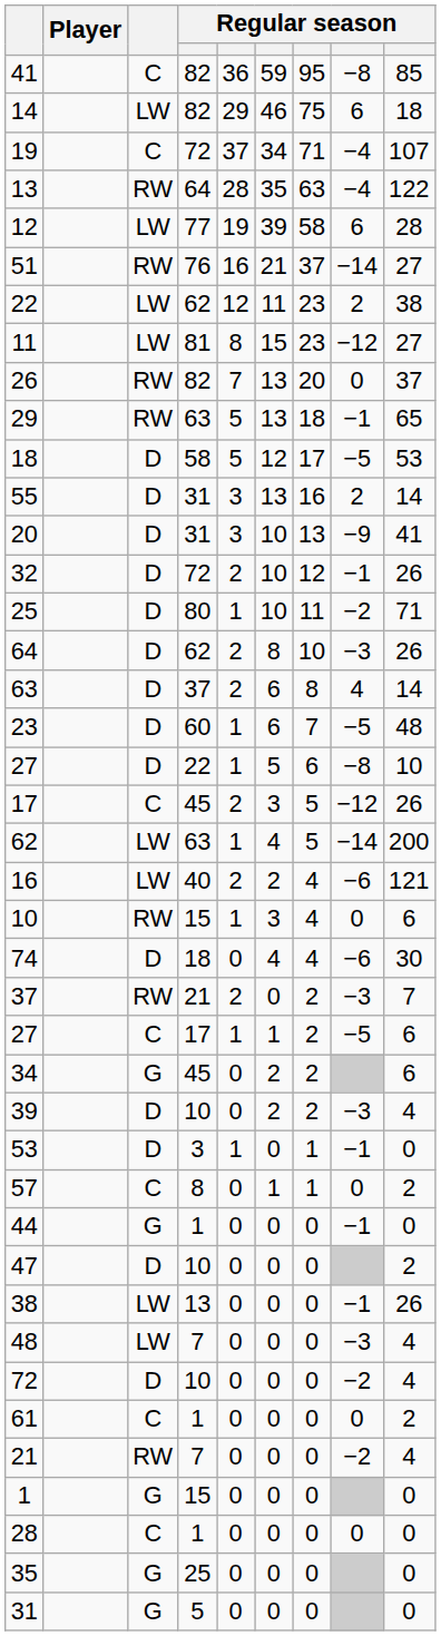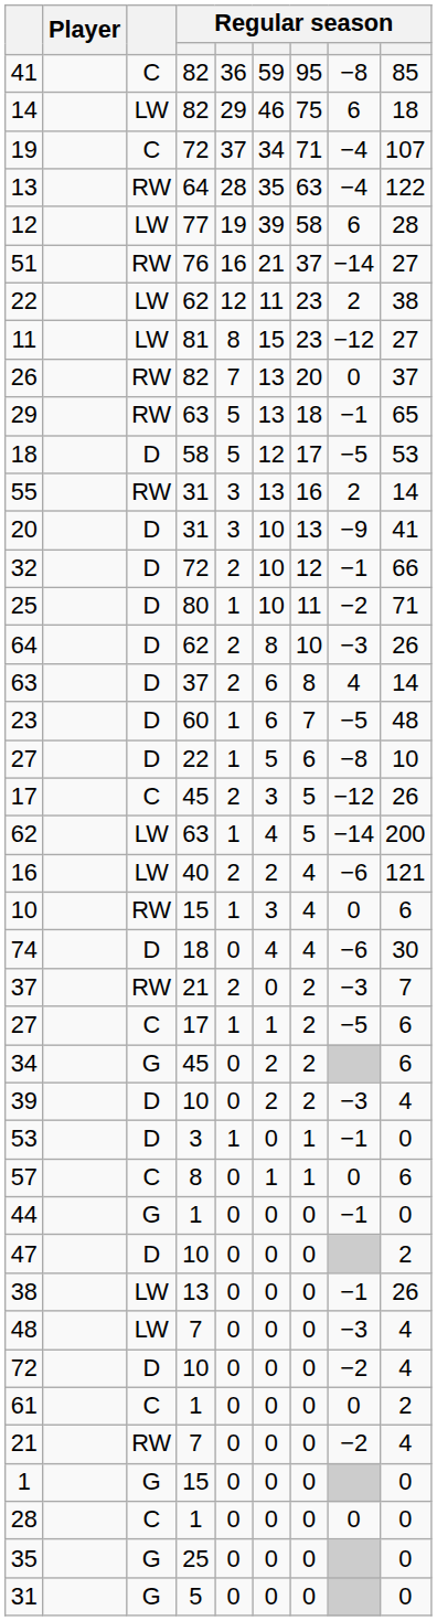 <table class="wikitable sortable plainrowheaders" style="text-align:center;">
 <tr>
 <th scope="col" data-sort-type="number" rowspan="2"></th>
 <th scope="col" rowspan="2">Player</th>
 <th scope="col" rowspan="2"></th>
 <th scope=colgroup colspan=6>Regular season</th>
 </tr>
 <tr>
 <th scope="col" data-sort-type="number"></th>
 <th scope="col" data-sort-type="number"></th>
 <th scope="col" data-sort-type="number"></th>
 <th scope="col" data-sort-type="number"></th>
 <th scope="col" data-sort-type="number"></th>
 <th scope="col" data-sort-type="number"></th>
 </tr>
 <tr>
 <td scope="row">41</td>
 <td align="left"></td>
 <td>C</td>
 <td>82</td>
 <td>36</td>
 <td>59</td>
 <td>95</td>
 <td>−8</td>
 <td>85</td>
 </tr>
 <tr>
 <td scope="row">14</td>
 <td align="left"></td>
 <td>LW</td>
 <td>82</td>
 <td>29</td>
 <td>46</td>
 <td>75</td>
 <td>6</td>
 <td>18</td>
 </tr>
 <tr>
 <td scope="row">19</td>
 <td align="left"></td>
 <td>C</td>
 <td>72</td>
 <td>37</td>
 <td>34</td>
 <td>71</td>
 <td>−4</td>
 <td>107</td>
 </tr>
 <tr>
 <td scope="row">13</td>
 <td align="left"></td>
 <td>RW</td>
 <td>64</td>
 <td>28</td>
 <td>35</td>
 <td>63</td>
 <td>−4</td>
 <td>122</td>
 </tr>
 <tr>
 <td scope="row">12</td>
 <td align="left"></td>
 <td>LW</td>
 <td>77</td>
 <td>19</td>
 <td>39</td>
 <td>58</td>
 <td>6</td>
 <td>28</td>
 </tr>
 <tr>
 <td scope="row">51</td>
 <td align="left"></td>
 <td>RW</td>
 <td>76</td>
 <td>16</td>
 <td>21</td>
 <td>37</td>
 <td>−14</td>
 <td>27</td>
 </tr>
 <tr>
 <td scope="row">22</td>
 <td align="left"></td>
 <td>LW</td>
 <td>62</td>
 <td>12</td>
 <td>11</td>
 <td>23</td>
 <td>2</td>
 <td>38</td>
 </tr>
 <tr>
 <td scope="row">11</td>
 <td align="left"></td>
 <td>LW</td>
 <td>81</td>
 <td>8</td>
 <td>15</td>
 <td>23</td>
 <td>−12</td>
 <td>27</td>
 </tr>
 <tr>
 <td scope="row">26</td>
 <td align="left"></td>
 <td>RW</td>
 <td>82</td>
 <td>7</td>
 <td>13</td>
 <td>20</td>
 <td>0</td>
 <td>37</td>
 </tr>
 <tr>
 <td scope="row">29</td>
 <td align="left"></td>
 <td>RW</td>
 <td>63</td>
 <td>5</td>
 <td>13</td>
 <td>18</td>
 <td>−1</td>
 <td>65</td>
 </tr>
 <tr>
 <td scope="row">18</td>
 <td align="left"></td>
 <td>D</td>
 <td>58</td>
 <td>5</td>
 <td>12</td>
 <td>17</td>
 <td>−5</td>
 <td>53</td>
 </tr>
 <tr>
 <td scope="row">55</td>
 <td align="left"></td>
-<td>D</td>
+<td>RW</td>
 <td>31</td>
 <td>3</td>
 <td>13</td>
 <td>16</td>
 <td>2</td>
 <td>14</td>
 </tr>
 <tr>
 <td scope="row">20</td>
 <td align="left"></td>
 <td>D</td>
 <td>31</td>
 <td>3</td>
 <td>10</td>
 <td>13</td>
 <td>−9</td>
 <td>41</td>
 </tr>
 <tr>
 <td scope="row">32</td>
 <td align="left"></td>
 <td>D</td>
 <td>72</td>
 <td>2</td>
 <td>10</td>
 <td>12</td>
 <td>−1</td>
-<td>26</td>
+<td>66</td>
 </tr>
 <tr>
 <td scope="row">25</td>
 <td align="left"></td>
 <td>D</td>
 <td>80</td>
 <td>1</td>
 <td>10</td>
 <td>11</td>
 <td>−2</td>
 <td>71</td>
 </tr>
 <tr>
 <td scope="row">64</td>
 <td align="left"></td>
 <td>D</td>
 <td>62</td>
 <td>2</td>
 <td>8</td>
 <td>10</td>
 <td>−3</td>
 <td>26</td>
 </tr>
 <tr>
 <td scope="row">63</td>
 <td align="left"></td>
 <td>D</td>
 <td>37</td>
 <td>2</td>
 <td>6</td>
 <td>8</td>
 <td>4</td>
 <td>14</td>
 </tr>
 <tr>
 <td scope="row">23</td>
 <td align="left"></td>
 <td>D</td>
 <td>60</td>
 <td>1</td>
 <td>6</td>
 <td>7</td>
 <td>−5</td>
 <td>48</td>
 </tr>
 <tr>
 <td scope="row">27</td>
 <td align="left"></td>
 <td>D</td>
 <td>22</td>
 <td>1</td>
 <td>5</td>
 <td>6</td>
 <td>−8</td>
 <td>10</td>
 </tr>
 <tr>
 <td scope="row">17</td>
 <td align="left"></td>
 <td>C</td>
 <td>45</td>
 <td>2</td>
 <td>3</td>
 <td>5</td>
 <td>−12</td>
 <td>26</td>
 </tr>
 <tr>
 <td scope="row">62</td>
 <td align="left"></td>
 <td>LW</td>
 <td>63</td>
 <td>1</td>
 <td>4</td>
 <td>5</td>
 <td>−14</td>
 <td>200</td>
 </tr>
 <tr>
 <td scope="row">16</td>
 <td align="left"></td>
 <td>LW</td>
 <td>40</td>
 <td>2</td>
 <td>2</td>
 <td>4</td>
 <td>−6</td>
 <td>121</td>
 </tr>
 <tr>
 <td scope="row">10</td>
 <td align="left"></td>
 <td>RW</td>
 <td>15</td>
 <td>1</td>
 <td>3</td>
 <td>4</td>
 <td>0</td>
 <td>6</td>
 </tr>
 <tr>
 <td scope="row">74</td>
 <td align="left"></td>
 <td>D</td>
 <td>18</td>
 <td>0</td>
 <td>4</td>
 <td>4</td>
 <td>−6</td>
 <td>30</td>
 </tr>
 <tr>
 <td scope="row">37</td>
 <td align="left"></td>
 <td>RW</td>
 <td>21</td>
 <td>2</td>
 <td>0</td>
 <td>2</td>
 <td>−3</td>
 <td>7</td>
 </tr>
 <tr>
 <td scope="row">27</td>
 <td align="left"></td>
 <td>C</td>
 <td>17</td>
 <td>1</td>
 <td>1</td>
 <td>2</td>
 <td>−5</td>
 <td>6</td>
 </tr>
 <tr>
 <td scope="row">34</td>
 <td align="left"></td>
 <td>G</td>
 <td>45</td>
 <td>0</td>
 <td>2</td>
 <td>2</td>
 <td style="background:#ccc"></td>
 <td>6</td>
 </tr>
 <tr>
 <td scope="row">39</td>
 <td align="left"></td>
 <td>D</td>
 <td>10</td>
 <td>0</td>
 <td>2</td>
 <td>2</td>
 <td>−3</td>
 <td>4</td>
 </tr>
 <tr>
 <td scope="row">53</td>
 <td align="left"></td>
 <td>D</td>
 <td>3</td>
 <td>1</td>
 <td>0</td>
 <td>1</td>
 <td>−1</td>
 <td>0</td>
 </tr>
 <tr>
 <td scope="row">57</td>
 <td align="left"></td>
 <td>C</td>
 <td>8</td>
 <td>0</td>
 <td>1</td>
 <td>1</td>
 <td>0</td>
-<td>2</td>
+<td>6</td>
 </tr>
 <tr>
 <td scope="row">44</td>
 <td align="left"></td>
 <td>G</td>
 <td>1</td>
 <td>0</td>
 <td>0</td>
 <td>0</td>
 <td>−1</td>
 <td>0</td>
 </tr>
 <tr>
 <td scope="row">47</td>
 <td align="left"></td>
 <td>D</td>
 <td>10</td>
 <td>0</td>
 <td>0</td>
 <td>0</td>
 <td style="background:#ccc"></td>
 <td>2</td>
 </tr>
 <tr>
 <td scope="row">38</td>
 <td align="left"></td>
 <td>LW</td>
 <td>13</td>
 <td>0</td>
 <td>0</td>
 <td>0</td>
 <td>−1</td>
 <td>26</td>
 </tr>
 <tr>
 <td scope="row">48</td>
 <td align="left"></td>
 <td>LW</td>
 <td>7</td>
 <td>0</td>
 <td>0</td>
 <td>0</td>
 <td>−3</td>
 <td>4</td>
 </tr>
 <tr>
 <td scope="row">72</td>
 <td align="left"></td>
 <td>D</td>
 <td>10</td>
 <td>0</td>
 <td>0</td>
 <td>0</td>
 <td>−2</td>
 <td>4</td>
 </tr>
 <tr>
 <td scope="row">61</td>
 <td align="left"></td>
 <td>C</td>
 <td>1</td>
 <td>0</td>
 <td>0</td>
 <td>0</td>
 <td>0</td>
 <td>2</td>
 </tr>
 <tr>
 <td scope="row">21</td>
 <td align="left"></td>
 <td>RW</td>
 <td>7</td>
 <td>0</td>
 <td>0</td>
 <td>0</td>
 <td>−2</td>
 <td>4</td>
 </tr>
 <tr>
 <td scope="row">1</td>
 <td align="left"></td>
 <td>G</td>
 <td>15</td>
 <td>0</td>
 <td>0</td>
 <td>0</td>
 <td style="background:#ccc"></td>
 <td>0</td>
 </tr>
 <tr>
 <td scope="row">28</td>
 <td align="left"></td>
 <td>C</td>
 <td>1</td>
 <td>0</td>
 <td>0</td>
 <td>0</td>
 <td>0</td>
 <td>0</td>
 </tr>
 <tr>
 <td scope="row">35</td>
 <td align="left"></td>
 <td>G</td>
 <td>25</td>
 <td>0</td>
 <td>0</td>
 <td>0</td>
 <td style="background:#ccc"></td>
 <td>0</td>
 </tr>
 <tr>
 <td scope="row">31</td>
 <td align="left"></td>
 <td>G</td>
 <td>5</td>
 <td>0</td>
 <td>0</td>
 <td>0</td>
 <td style="background:#ccc"></td>
 <td>0</td>
 </tr>
 </table>
